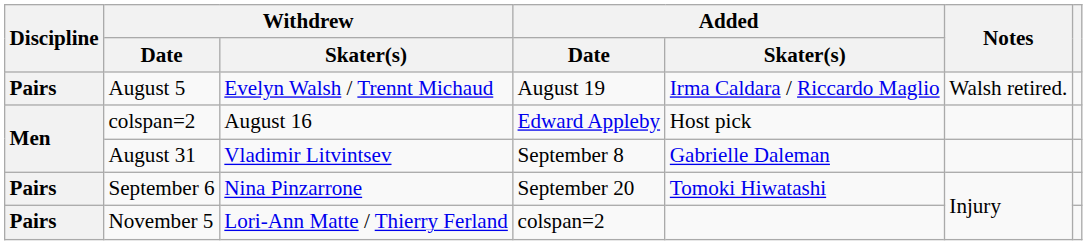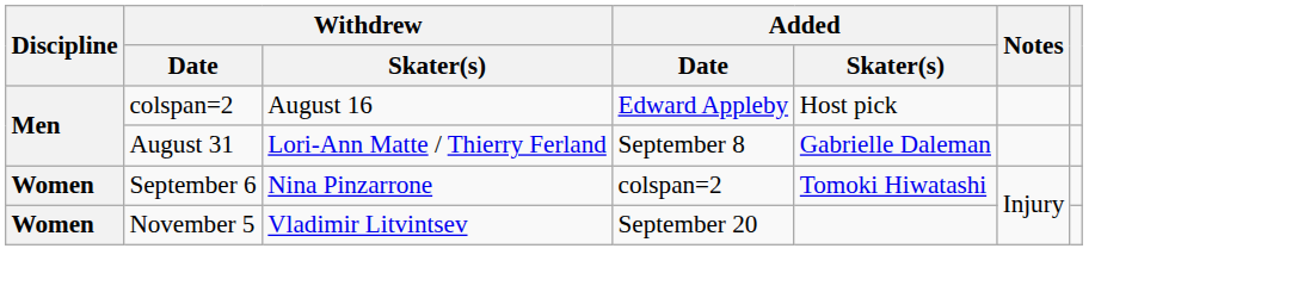 <table class="wikitable unsortable">
 <tr>
 <th scope="col" rowspan=2>Discipline</th>
 <th scope="col" colspan=2>Withdrew</th>
 <th scope="col" colspan=2>Added</th>
 <th scope="col" rowspan=2>Notes</th>
 <th scope="col" rowspan=2></th>
 </tr>
 <tr>
 <th>Date</th>
 <th>Skater(s)</th>
 <th>Date</th>
 <th>Skater(s)</th>
 </tr>
 <tr>
-<th scope="row" style="text-align:left">Pairs</th>
-<td>August 5</td>
-<td> <a href='#'>Evelyn Walsh</a> / <a href='#'>Trennt Michaud</a></td>
-<td>August 19</td>
-<td> <a href='#'>Irma Caldara</a> / <a href='#'>Riccardo Maglio</a></td>
-<td>Walsh retired.</td>
-<td></td>
-</tr>
-<tr>
 <th scope="row" style="text-align:left" rowspan=2>Men</th>
 <td>colspan=2 </td>
 <td>August 16</td>
 <td> <a href='#'>Edward Appleby</a></td>
 <td>Host pick</td>
 <td></td>
 </tr>
 <tr>
 <td>August 31</td>
-<td> <a href='#'>Vladimir Litvintsev</a></td>
+<td> <a href='#'>Lori-Ann Matte</a> / <a href='#'>Thierry Ferland</a></td>
 <td>September 8</td>
 <td> <a href='#'>Gabrielle Daleman</a></td>
 <td></td>
 <td></td>
 </tr>
 <tr>
-<th scope="row" style="text-align:left">Pairs</th>
+<th scope="row" style="text-align:left">Women</th>
 <td>September 6</td>
 <td> <a href='#'>Nina Pinzarrone</a></td>
-<td>September 20</td>
+<td>colspan=2 </td>
 <td> <a href='#'>Tomoki Hiwatashi</a></td>
 <td rowspan="2">Injury</td>
 <td></td>
 </tr>
 <tr>
-<th scope="row" style="text-align:left">Pairs</th>
+<th scope="row" style="text-align:left">Women</th>
 <td>November 5</td>
-<td> <a href='#'>Lori-Ann Matte</a> / <a href='#'>Thierry Ferland</a></td>
-<td>colspan=2 </td>
+<td> <a href='#'>Vladimir Litvintsev</a></td>
+<td>September 20</td>
 <td></td>
 </tr>
 </table>
